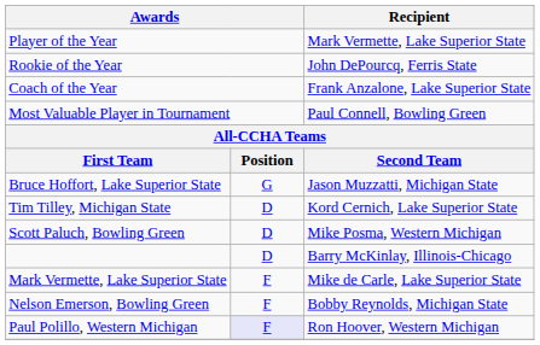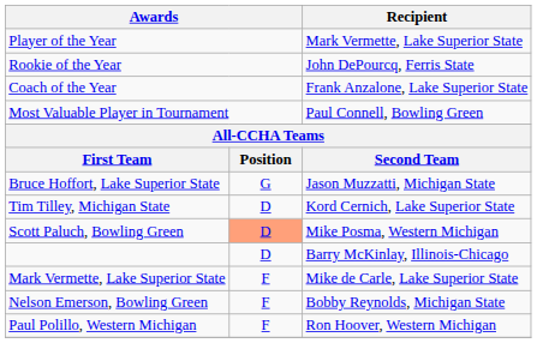 <table class="wikitable">
 <tr>
 <th colspan=2><a href='#'>Awards</a></th>
 <th>Recipient</th>
 </tr>
 <tr>
 <td colspan=2><a href='#'>Player of the Year</a></td>
 <td><a href='#'>Mark Vermette</a>, <a href='#'>Lake Superior State</a></td>
 </tr>
 <tr>
 <td colspan=2><a href='#'>Rookie of the Year</a></td>
 <td><a href='#'>John DePourcq</a>, <a href='#'>Ferris State</a></td>
 </tr>
 <tr>
 <td colspan=2><a href='#'>Coach of the Year</a></td>
 <td><a href='#'>Frank Anzalone</a>, <a href='#'>Lake Superior State</a></td>
 </tr>
 <tr>
 <td colspan=2><a href='#'>Most Valuable Player in Tournament</a></td>
 <td><a href='#'>Paul Connell</a>, <a href='#'>Bowling Green</a></td>
 </tr>
 <tr>
 <th colspan=3><a href='#'>All-CCHA Teams</a></th>
 </tr>
 <tr>
 <th><a href='#'>First Team</a></th>
 <th>  Position  </th>
 <th><a href='#'>Second Team</a></th>
 </tr>
 <tr>
 <td><a href='#'>Bruce Hoffort</a>, <a href='#'>Lake Superior State</a></td>
 <td align=center><a href='#'>G</a></td>
 <td><a href='#'>Jason Muzzatti</a>, <a href='#'>Michigan State</a></td>
 </tr>
 <tr>
 <td><a href='#'>Tim Tilley</a>, <a href='#'>Michigan State</a></td>
 <td align=center><a href='#'>D</a></td>
 <td><a href='#'>Kord Cernich</a>, <a href='#'>Lake Superior State</a></td>
 </tr>
 <tr>
 <td><a href='#'>Scott Paluch</a>, <a href='#'>Bowling Green</a></td>
-<td align=center><a href='#'>D</a></td>
+<td align=center style="background: lightsalmon;"><a href='#'>D</a></td>
 <td><a href='#'>Mike Posma</a>, <a href='#'>Western Michigan</a></td>
 </tr>
 <tr>
 <td></td>
 <td align=center><a href='#'>D</a></td>
 <td><a href='#'>Barry McKinlay</a>, <a href='#'>Illinois-Chicago</a></td>
 </tr>
 <tr>
 <td><a href='#'>Mark Vermette</a>, <a href='#'>Lake Superior State</a></td>
 <td align=center><a href='#'>F</a></td>
 <td><a href='#'>Mike de Carle</a>, <a href='#'>Lake Superior State</a></td>
 </tr>
 <tr>
 <td><a href='#'>Nelson Emerson</a>, <a href='#'>Bowling Green</a></td>
 <td align=center><a href='#'>F</a></td>
 <td><a href='#'>Bobby Reynolds</a>, <a href='#'>Michigan State</a></td>
 </tr>
 <tr>
 <td><a href='#'>Paul Polillo</a>, <a href='#'>Western Michigan</a></td>
-<td align=center style="background: lavender;"><a href='#'>F</a></td>
+<td align=center><a href='#'>F</a></td>
 <td><a href='#'>Ron Hoover</a>, <a href='#'>Western Michigan</a></td>
 </tr>
 <tr>
 </tr>
 </table>
